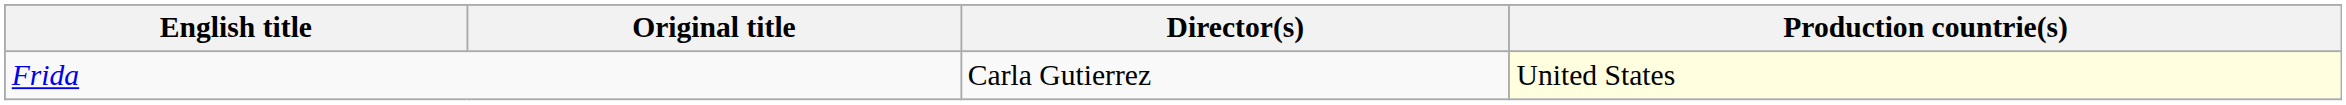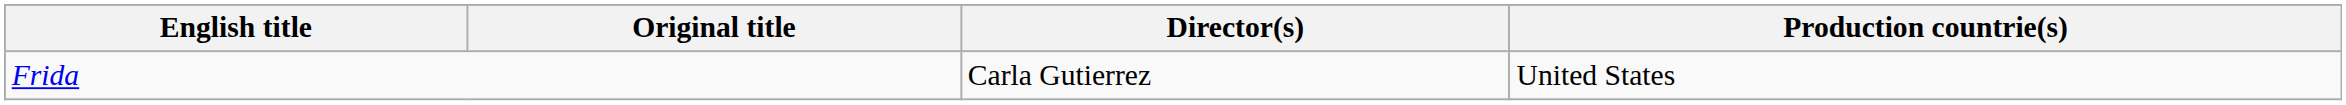 <table class="sortable wikitable" style="width:100%; margin-bottom:4px" cellpadding="5">
 <tr>
 <th scope="col">English title</th>
 <th scope="col">Original title</th>
 <th scope="col">Director(s)</th>
 <th scope="col">Production countrie(s)</th>
 </tr>
 <tr>
 <td colspan = "2"><a href='#'><em>Frida</em></a></td>
 <td>Carla Gutierrez</td>
-<td style="background: lightyellow;">United States</td>
+<td>United States</td>
 </tr>
 </table>
